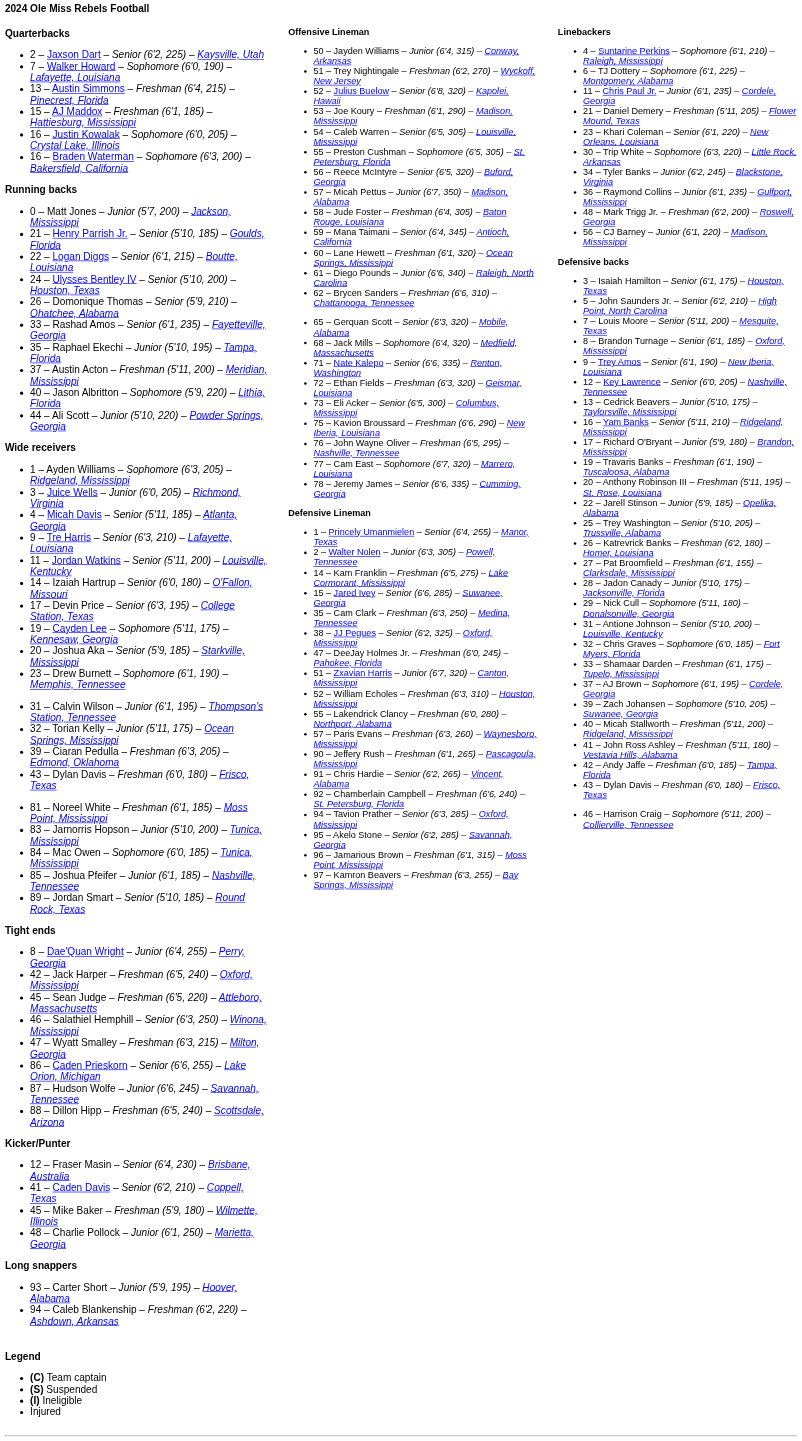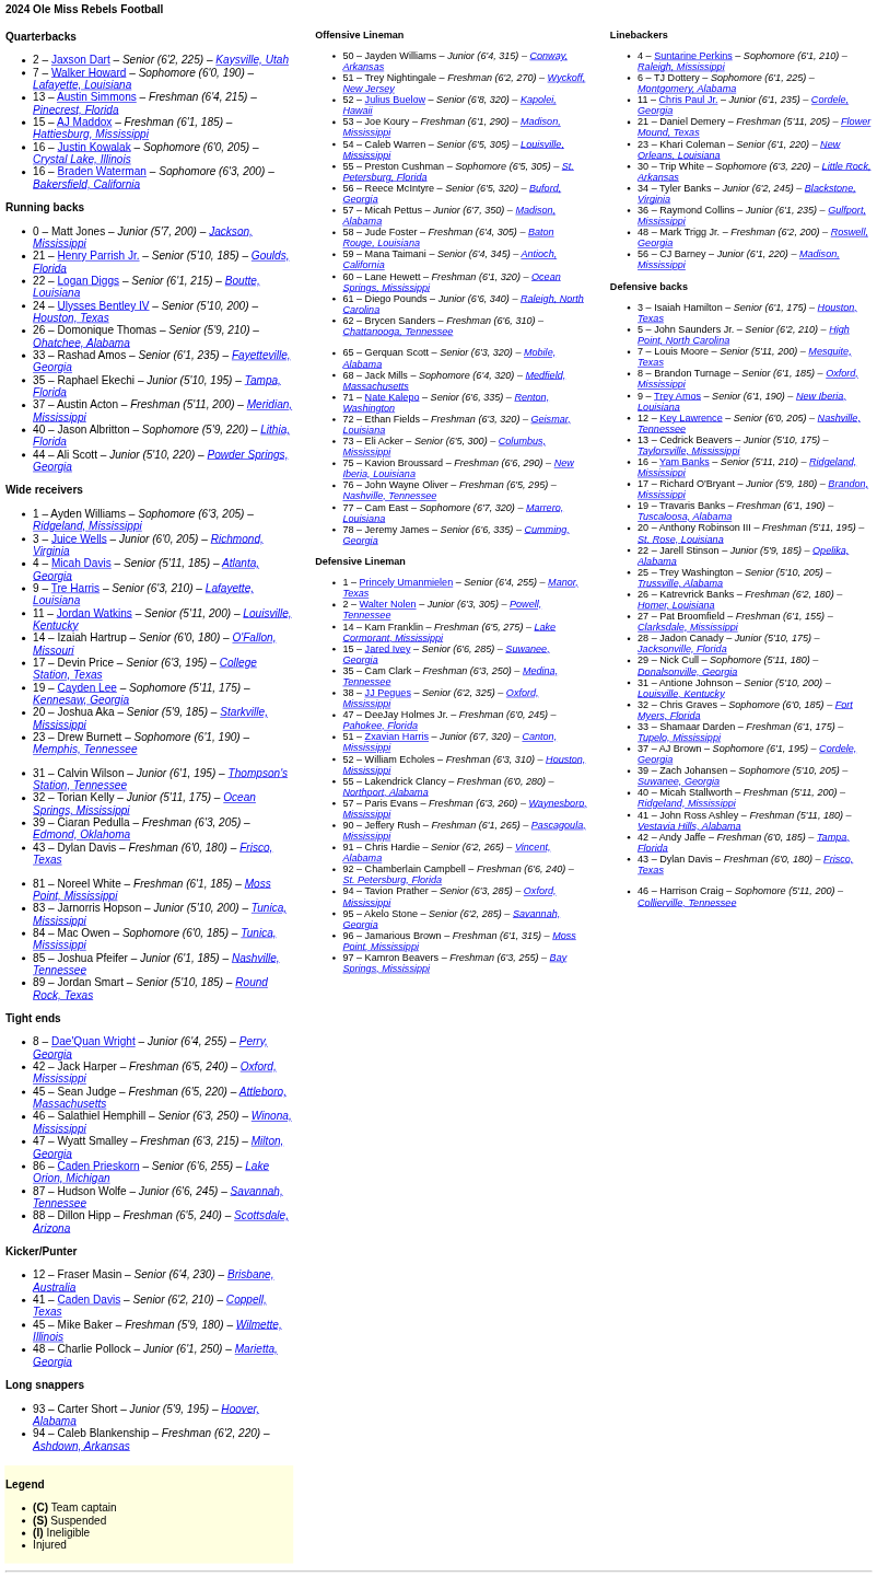 <table class="toccolours" style="text-align: left;">
 <tr>
 <td colspan=11><strong>2024 Ole Miss Rebels Football</strong></td>
 </tr>
 <tr>
 <td valign="top"><br><strong>Quarterbacks</strong><ul><li>2 – <a href='#'>Jaxson Dart</a> – <em>Senior (6'2, 225) – <a href='#'>Kaysville, Utah</a> </em></li><li>7 – <a href='#'>Walker Howard</a> – <em>Sophomore (6'0, 190) – <a href='#'>Lafayette, Louisiana</a> </em></li><li>13 – <a href='#'>Austin Simmons</a> – <em>Freshman (6'4, 215) – <a href='#'>Pinecrest, Florida</a> </em></li><li>15 – <a href='#'>AJ Maddox</a> – <em>Freshman (6'1, 185) – <a href='#'>Hattiesburg, Mississippi</a> </em></li><li>16 – <a href='#'>Justin Kowalak</a> –  <em>Sophomore (6'0, 205) – <a href='#'>Crystal Lake, Illinois</a> </em></li><li>16 – <a href='#'>Braden Waterman</a> – <em>Sophomore (6'3, 200) – <a href='#'>Bakersfield, California</a> </em></li></ul><strong>Running backs</strong><ul><li>0 – Matt Jones – <em>Junior (5'7, 200) – <a href='#'>Jackson, Mississippi</a> </em></li><li>21 – <a href='#'>Henry Parrish Jr.</a> – <em>Senior (5'10, 185) – <a href='#'>Goulds, Florida</a> </em></li><li>22 – <a href='#'>Logan Diggs</a> – <em>Senior (6'1, 215) – <a href='#'>Boutte, Louisiana</a> </em></li><li>24 – <a href='#'>Ulysses Bentley IV</a> – <em>Senior (5'10, 200) – <a href='#'>Houston, Texas</a> </em></li><li>26 – Domonique Thomas – <em>Senior (5'9, 210) – <a href='#'>Ohatchee, Alabama</a> </em></li><li>33 – Rashad Amos – <em>Senior (6'1, 235) – <a href='#'>Fayetteville, Georgia</a> </em></li><li>35 – Raphael Ekechi – <em>Junior (5'10, 195) – <a href='#'>Tampa, Florida</a> </em></li><li>37 – Austin Acton – <em>Freshman (5'11, 200) – <a href='#'>Meridian, Mississippi</a> </em></li><li>40 – Jason Albritton – <em>Sophomore (5'9, 220) – <a href='#'>Lithia, Florida</a> </em></li><li>44 – Ali Scott – <em>Junior (5'10, 220) – <a href='#'>Powder Springs, Georgia</a> </em></li></ul><strong>Wide receivers</strong><ul><li>1 – Ayden Williams – <em>Sophomore (6'3, 205) – <a href='#'>Ridgeland, Mississippi</a> </em></li><li>3 – <a href='#'>Juice Wells</a> – <em>Junior (6'0, 205) – <a href='#'>Richmond, Virginia</a> </em></li><li>4 – <a href='#'>Micah Davis</a> – <em>Senior (5'11, 185) – <a href='#'>Atlanta, Georgia</a> </em></li><li>9 – <a href='#'>Tre Harris</a> – <em>Senior (6'3, 210) – <a href='#'>Lafayette, Louisiana</a> </em></li><li>11 – <a href='#'>Jordan Watkins</a> – <em>Senior (5'11, 200) – <a href='#'>Louisville, Kentucky</a> </em></li><li>14 – Izaiah Hartrup – <em>Senior (6'0, 180) – <a href='#'>O'Fallon, Missouri</a> </em></li><li>17 – Devin Price – <em>Senior (6'3, 195) – <a href='#'>College Station, Texas</a> </em></li><li>19 – <a href='#'>Cayden Lee</a> – <em>Sophomore (5'11, 175) – <a href='#'>Kennesaw, Georgia</a> </em></li><li>20 – Joshua Aka – <em>Senior (5'9, 185) – <a href='#'>Starkville, Mississippi</a> </em></li><li>23 – Drew Burnett – <em>Sophomore (6'1, 190) – <a href='#'>Memphis, Tennessee</a> </em></li></ul><ul><li>31 – Calvin Wilson – <em>Junior (6'1, 195) – <a href='#'>Thompson's Station, Tennessee</a> </em></li><li>32 – Torian Kelly – <em>Junior (5'11, 175) – <a href='#'>Ocean Springs, Mississippi</a> </em></li><li>39 – Ciaran Pedulla – <em>Freshman (6'3, 205) – <a href='#'>Edmond, Oklahoma</a> </em></li><li>43 – Dylan Davis – <em>Freshman (6'0, 180) – <a href='#'>Frisco, Texas</a> </em></li></ul><ul><li>81 – Noreel White – <em>Freshman (6'1, 185) – <a href='#'>Moss Point, Mississippi</a> </em></li><li>83 – Jarnorris Hopson – <em>Junior (5'10, 200) – <a href='#'>Tunica, Mississippi</a> </em></li><li>84 – Mac Owen – <em>Sophomore (6'0, 185) – <a href='#'>Tunica, Mississippi</a> </em></li><li>85 – Joshua Pfeifer – <em>Junior (6'1, 185) – <a href='#'>Nashville, Tennessee</a> </em></li><li>89 – Jordan Smart – <em>Senior (5'10, 185) – <a href='#'>Round Rock, Texas</a> </em></li></ul><strong>Tight ends</strong><ul><li>8 – <a href='#'>Dae'Quan Wright</a> – <em>Junior (6'4, 255) – <a href='#'>Perry, Georgia</a> </em></li><li>42 – Jack Harper – <em>Freshman (6'5, 240) – <a href='#'>Oxford, Mississippi</a> </em></li><li>45 – Sean Judge – <em>Freshman (6'5, 220) – <a href='#'>Attleboro, Massachusetts</a> </em></li><li>46 – Salathiel Hemphill – <em>Senior (6'3, 250) – <a href='#'>Winona, Mississippi</a> </em></li><li>47 – Wyatt Smalley – <em>Freshman (6'3, 215) – <a href='#'>Milton, Georgia</a> </em></li><li>86 – <a href='#'>Caden Prieskorn</a> – <em>Senior (6'6, 255) – <a href='#'>Lake Orion, Michigan</a> </em></li><li>87 – Hudson Wolfe – <em>Junior (6'6, 245) – <a href='#'>Savannah, Tennessee</a> </em></li><li>88 – Dillon Hipp – <em>Freshman (6'5, 240) – <a href='#'>Scottsdale, Arizona</a> </em></li></ul><strong>Kicker/Punter</strong><ul><li>12 – Fraser Masin – <em>Senior (6'4, 230) – <a href='#'>Brisbane, Australia</a> </em></li><li>41 – <a href='#'>Caden Davis</a> – <em>Senior (6'2, 210) – <a href='#'>Coppell, Texas</a> </em></li><li>45 – Mike Baker – <em>Freshman (5'9, 180) – <a href='#'>Wilmette, Illinois</a> </em></li><li>48 – Charlie Pollock – <em>Junior (6'1, 250) – <a href='#'>Marietta, Georgia</a> </em></li></ul><strong>Long snappers</strong> <ul><li>93 – Carter Short – <em>Junior (5'9, 195) – <a href='#'>Hoover, Alabama</a> </em></li><li>94 – Caleb Blankenship – <em>Freshman (6'2, 220) – <a href='#'>Ashdown, Arkansas</a> </em></li></ul></td>
 <td width="25"> </td>
 <td style="font-size:90%; vertical-align:top;"><br><strong>Offensive Lineman</strong><ul><li>50 – Jayden Williams – <em>Junior (6'4, 315) – <a href='#'>Conway, Arkansas</a> </em></li><li>51 – Trey Nightingale – <em>Freshman (6'2, 270) – <a href='#'>Wyckoff, New Jersey</a> </em></li><li>52 – <a href='#'>Julius Buelow</a> – <em>Senior (6'8, 320) – <a href='#'>Kapolei, Hawaii</a> </em></li><li>53 – Joe Koury – <em>Freshman (6'1, 290) – <a href='#'>Madison, Mississippi</a> </em></li><li>54 – Caleb Warren – <em>Senior (6'5, 305) – <a href='#'>Louisville, Mississippi</a> </em></li><li>55 – Preston Cushman – <em>Sophomore (6'5, 305) – <a href='#'>St. Petersburg, Florida</a> </em></li><li>56 – Reece McIntyre – <em>Senior (6'5, 320) – <a href='#'>Buford, Georgia</a> </em></li><li>57 – Micah Pettus – <em>Junior (6'7, 350) – <a href='#'>Madison, Alabama</a> </em></li><li>58 – Jude Foster – <em>Freshman (6'4, 305) – <a href='#'>Baton Rouge, Louisiana</a> </em></li><li>59 – Mana Taimani – <em>Senior (6'4, 345) – <a href='#'>Antioch, California</a> </em></li><li>60 – Lane Hewett – <em>Freshman (6'1, 320) – <a href='#'>Ocean Springs, Mississippi</a> </em></li><li>61 – Diego Pounds – <em>Junior (6'6, 340) – <a href='#'>Raleigh, North Carolina</a> </em></li><li>62 – Brycen Sanders – <em>Freshman (6'6, 310) – <a href='#'>Chattanooga, Tennessee</a> </em></li></ul><ul><li>65 – Gerquan Scott – <em>Senior (6'3, 320) – <a href='#'>Mobile, Alabama</a> </em></li><li>68 – Jack Mills – <em>Sophomore (6'4, 320) – <a href='#'>Medfield, Massachusetts</a> </em></li><li>71 – <a href='#'>Nate Kalepo</a> – <em>Senior (6'6, 335) – <a href='#'>Renton, Washington</a> </em></li><li>72 – Ethan Fields – <em>Freshman (6'3, 320) – <a href='#'>Geismar, Louisiana</a> </em></li><li>73 – Eli Acker – <em>Senior (6'5, 300) – <a href='#'>Columbus, Mississippi</a> </em></li><li>75 – Kavion Broussard – <em>Freshman (6'6, 290) – <a href='#'>New Iberia, Louisiana</a> </em></li><li>76 – John Wayne Oliver – <em>Freshman (6'5, 295) – <a href='#'>Nashville, Tennessee</a> </em></li><li>77 – Cam East – <em>Sophomore (6'7, 320) – <a href='#'>Marrero, Louisiana</a> </em></li><li>78 – Jeremy James – <em>Senior (6'6, 335) – <a href='#'>Cumming, Georgia</a> </em></li></ul><strong>Defensive Lineman</strong><ul><li>1 – <a href='#'>Princely Umanmielen</a> – <em>Senior (6'4, 255) – <a href='#'>Manor, Texas</a> </em></li><li>2 – <a href='#'>Walter Nolen</a> – <em>Junior (6'3, 305) – <a href='#'>Powell, Tennessee</a> </em></li><li>14 – Kam Franklin – <em>Freshman (6'5, 275) – <a href='#'>Lake Cormorant, Mississippi</a> </em></li><li>15 – <a href='#'>Jared Ivey</a> – <em>Senior (6'6, 285) – <a href='#'>Suwanee, Georgia</a> </em></li><li>35 – Cam Clark – <em>Freshman (6'3, 250) – <a href='#'>Medina, Tennessee</a> </em></li><li>38 – <a href='#'>JJ Pegues</a> – <em>Senior (6'2, 325) – <a href='#'>Oxford, Mississippi</a> </em></li><li>47 – DeeJay Holmes Jr. – <em>Freshman (6'0, 245) – <a href='#'>Pahokee, Florida</a> </em></li><li>51 – <a href='#'>Zxavian Harris</a> – <em>Junior (6'7, 320) – <a href='#'>Canton, Mississippi</a> </em></li><li>52 – William Echoles – <em>Freshman (6'3, 310) – <a href='#'>Houston, Mississippi</a> </em></li><li>55 – Lakendrick Clancy – <em>Freshman (6'0, 280) – <a href='#'>Northport, Alabama</a> </em></li><li>57 – Paris Evans – <em>Freshman (6'3, 260) – <a href='#'>Waynesboro, Mississippi</a> </em></li><li>90 – Jeffery Rush – <em>Freshman (6'1, 265) – <a href='#'>Pascagoula, Mississippi</a> </em></li><li>91 – Chris Hardie – <em>Senior (6'2, 265) – <a href='#'>Vincent, Alabama</a> </em></li><li>92 – Chamberlain Campbell – <em>Freshman (6'6, 240) – <a href='#'>St. Petersburg, Florida</a> </em></li><li>94 – Tavion Prather – <em>Senior (6'3, 285) – <a href='#'>Oxford, Mississippi</a> </em></li><li>95 – Akelo Stone – <em>Senior (6'2, 285) – <a href='#'>Savannah, Georgia</a> </em></li><li>96 – Jamarious Brown – <em>Freshman (6'1, 315) – <a href='#'>Moss Point, Mississippi</a> </em></li><li>97 – Kamron Beavers – <em>Freshman (6'3, 255) – <a href='#'>Bay Springs, Mississippi</a> </em></li></ul></td>
 <td width="25"> </td>
 <td style="font-size:90%; vertical-align:top;"><br><strong>Linebackers</strong><ul><li>4 – <a href='#'>Suntarine Perkins</a> – <em>Sophomore (6'1, 210) – <a href='#'>Raleigh, Mississippi</a> </em></li><li>6 – TJ Dottery – <em>Sophomore (6'1, 225) – <a href='#'>Montgomery, Alabama</a> </em></li><li>11 – <a href='#'>Chris Paul Jr.</a> – <em>Junior (6'1, 235) – <a href='#'>Cordele, Georgia</a> </em></li><li>21 – Daniel Demery – <em>Freshman (5'11, 205) – <a href='#'>Flower Mound, Texas</a> </em></li><li>23 – Khari Coleman – <em>Senior (6'1, 220) – <a href='#'>New Orleans, Louisiana</a> </em></li><li>30 – Trip White – <em>Sophomore (6'3, 220) – <a href='#'>Little Rock, Arkansas</a> </em></li><li>34 – Tyler Banks – <em>Junior (6'2, 245) – <a href='#'>Blackstone, Virginia</a> </em></li><li>36 – Raymond Collins – <em>Junior (6'1, 235) – <a href='#'>Gulfport, Mississippi</a> </em></li><li>48 – Mark Trigg Jr. – <em>Freshman (6'2, 200) – <a href='#'>Roswell, Georgia</a> </em></li><li>56 – CJ Barney – <em>Junior (6'1, 220) – <a href='#'>Madison, Mississippi</a> </em></li></ul><strong>Defensive backs</strong><ul><li>3 – Isaiah Hamilton – <em>Senior (6'1, 175) – <a href='#'>Houston, Texas</a> </em></li><li>5 – John Saunders Jr. – <em>Senior (6'2, 210) – <a href='#'>High Point, North Carolina</a> </em></li><li>7 – Louis Moore – <em>Senior (5'11, 200) – <a href='#'>Mesquite, Texas</a> </em></li><li>8 – Brandon Turnage – <em>Senior (6'1, 185) – <a href='#'>Oxford, Mississippi</a> </em></li><li>9 – <a href='#'>Trey Amos</a> – <em>Senior (6'1, 190) – <a href='#'>New Iberia, Louisiana</a> </em></li><li>12 – <a href='#'>Key Lawrence</a> – <em>Senior (6'0, 205) – <a href='#'>Nashville, Tennessee</a> </em></li><li>13 – Cedrick Beavers – <em>Junior (5'10, 175) – <a href='#'>Taylorsville, Mississippi</a> </em></li><li>16 – <a href='#'>Yam Banks</a> – <em>Senior (5'11, 210) – <a href='#'>Ridgeland, Mississippi</a> </em></li><li>17 – Richard O'Bryant – <em>Junior (5'9, 180) – <a href='#'>Brandon, Mississippi</a> </em></li><li>19 – Travaris Banks – <em>Freshman (6'1, 190) – <a href='#'>Tuscaloosa, Alabama</a> </em></li><li>20 – Anthony Robinson III – <em>Freshman (5'11, 195) – <a href='#'>St. Rose, Louisiana</a> </em></li><li>22 – Jarell Stinson – <em>Junior (5'9, 185) – <a href='#'>Opelika, Alabama</a> </em></li><li>25 – Trey Washington – <em>Senior (5'10, 205) – <a href='#'>Trussville, Alabama</a> </em></li><li>26 – Katrevrick Banks – <em>Freshman (6'2, 180) – <a href='#'>Homer, Louisiana</a> </em></li><li>27 – Pat Broomfield – <em>Freshman (6'1, 155) – <a href='#'>Clarksdale, Mississippi</a> </em></li><li>28 – Jadon Canady – <em>Junior (5'10, 175) – <a href='#'>Jacksonville, Florida</a> </em></li><li>29 – Nick Cull – <em>Sophomore (5'11, 180) – <a href='#'>Donalsonville, Georgia</a> </em></li><li>31 – Antione Johnson – <em>Senior (5'10, 200) – <a href='#'>Louisville, Kentucky</a> </em></li><li>32 – Chris Graves – <em>Sophomore (6'0, 185) – <a href='#'>Fort Myers, Florida</a> </em></li><li>33 – Shamaar Darden – <em>Freshman (6'1, 175) – <a href='#'>Tupelo, Mississippi</a> </em></li><li>37 – AJ Brown – <em>Sophomore (6'1, 195) – <a href='#'>Cordele, Georgia</a> </em></li><li>39 – Zach Johansen – <em>Sophomore (5'10, 205) – <a href='#'>Suwanee, Georgia</a> </em></li><li>40 – Micah Stallworth – <em>Freshman (5'11, 200) – <a href='#'>Ridgeland, Mississippi</a> </em></li><li>41 – John Ross Ashley – <em>Freshman (5'11, 180) – <a href='#'>Vestavia Hills, Alabama</a> </em></li><li>42 – Andy Jaffe – <em>Freshman (6'0, 185) – <a href='#'>Tampa, Florida</a> </em></li><li>43 – Dylan Davis – <em>Freshman (6'0, 180) – <a href='#'>Frisco, Texas</a> </em></li></ul><ul><li>46 – Harrison Craig – <em>Sophomore (5'11, 200) – <a href='#'>Collierville, Tennessee</a> </em></li></ul></td>
 </tr>
 <tr>
-<td><br><strong>Legend</strong><ul><li><strong>(C)</strong> Team captain</li><li><strong>(S)</strong> Suspended</li><li><strong>(I)</strong> Ineligible</li><li> Injured</li></ul></td>
+<td style="background: lightyellow;"><br><strong>Legend</strong><ul><li><strong>(C)</strong> Team captain</li><li><strong>(S)</strong> Suspended</li><li><strong>(I)</strong> Ineligible</li><li> Injured</li></ul></td>
 </tr>
 <tr>
 <td colspan="7"><hr></td>
 </tr>
 </table>
